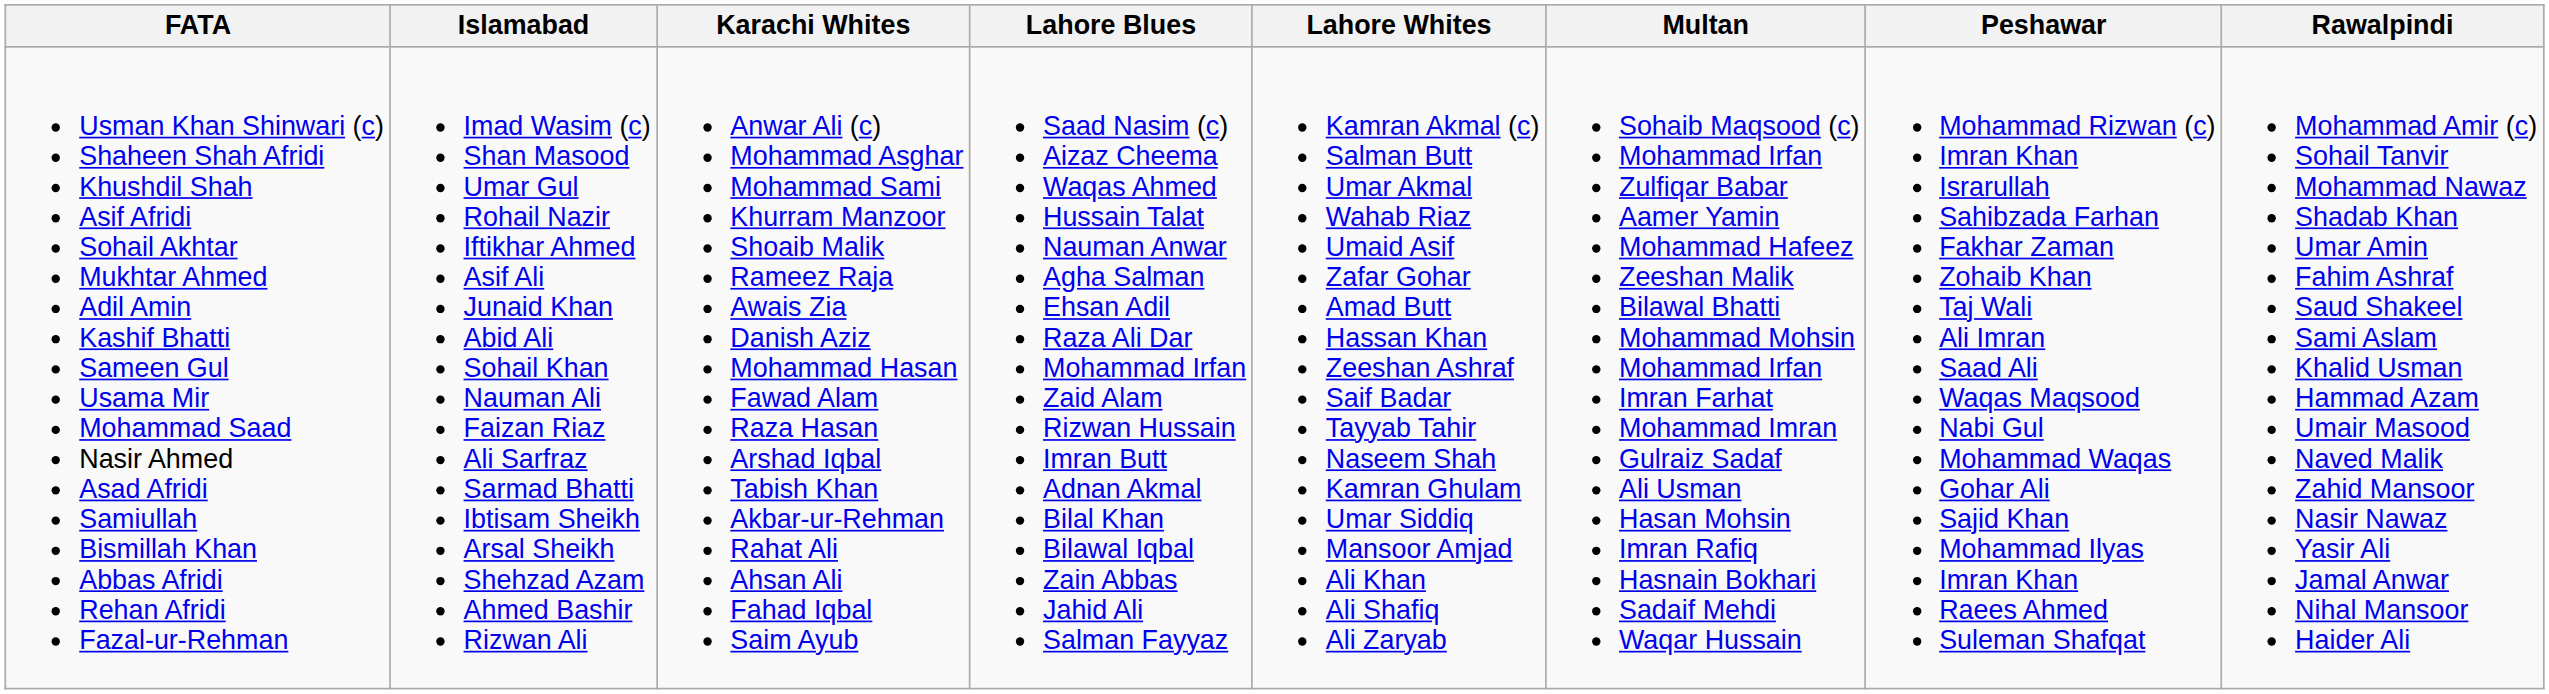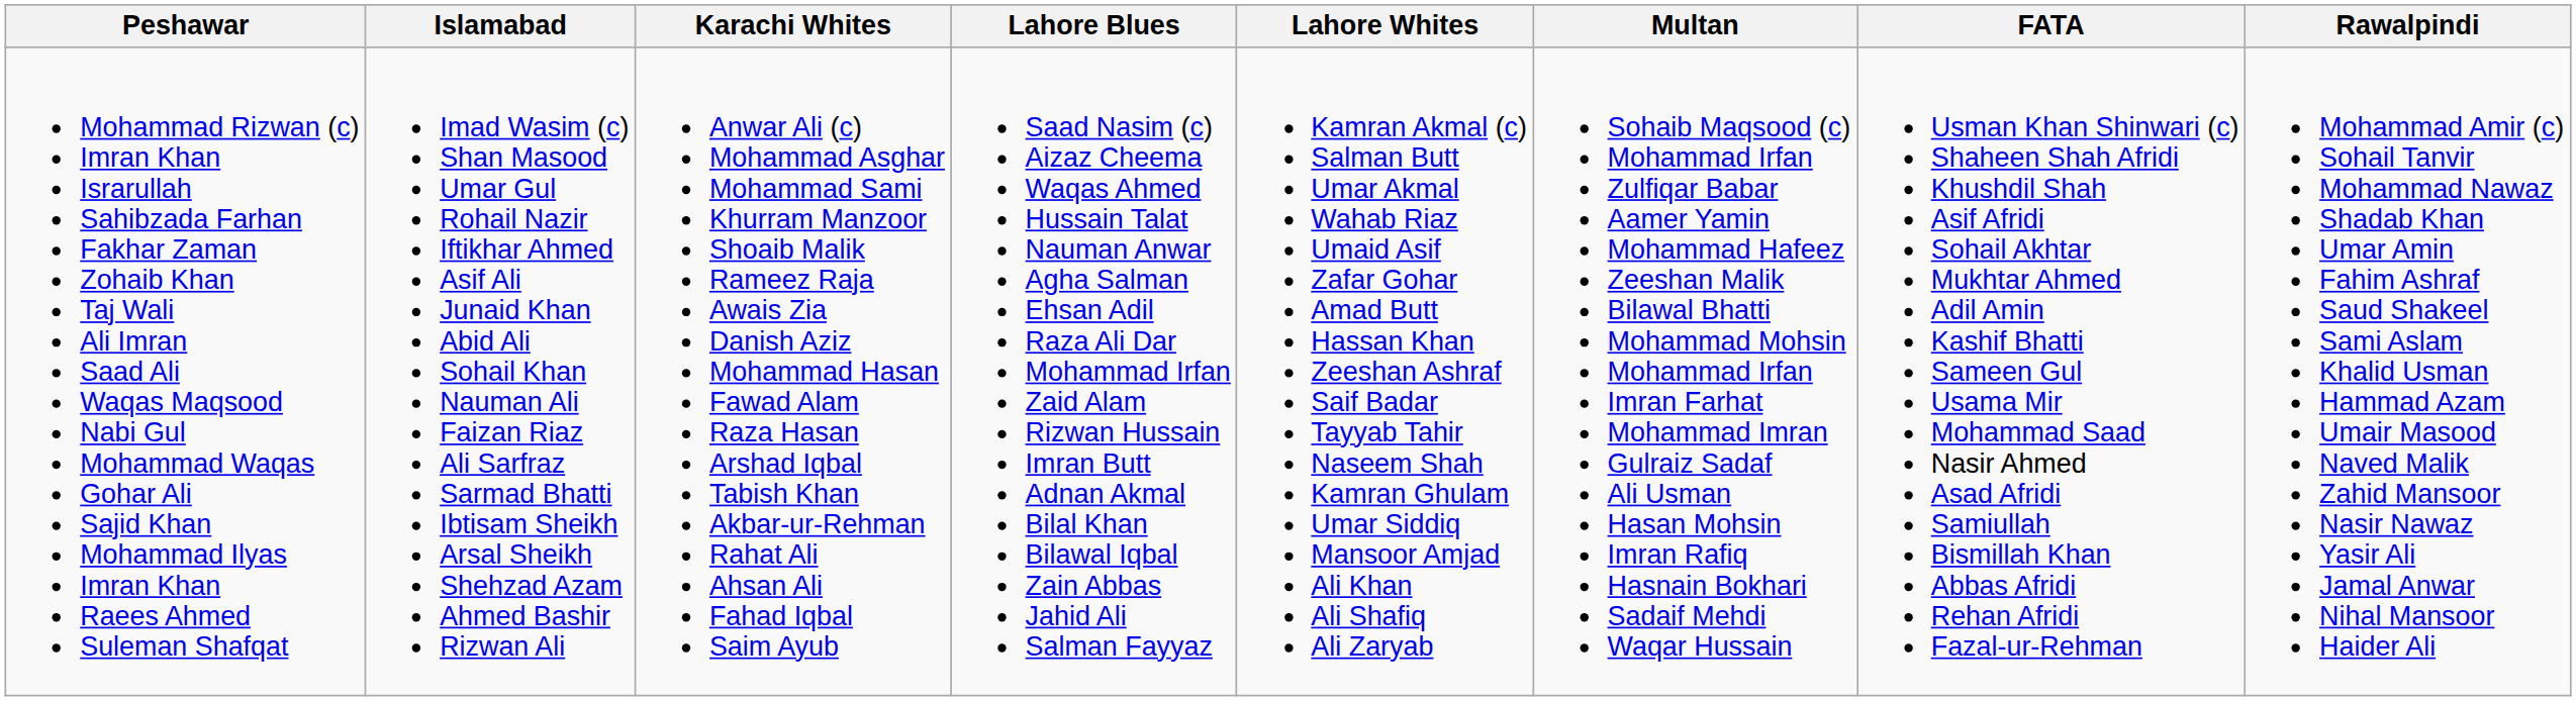 <table class="wikitable" style="text-align:left; margin:auto">
 <tr>
-<th style="width=20%;">FATA</th>
+<th style="width=20%;">Peshawar</th>
 <th style="width=20%;">Islamabad</th>
 <th style="width=20%;">Karachi Whites</th>
 <th style="width=20%;">Lahore Blues</th>
 <th style="width=20%;">Lahore Whites</th>
 <th style="width=20%;">Multan</th>
-<th style="width=20%;">Peshawar</th>
+<th style="width=20%;">FATA</th>
 <th style="width=20%;">Rawalpindi</th>
 </tr>
 <tr style="vertical-align:top">
-<td><br><ul><li><a href='#'>Usman Khan Shinwari</a> (<a href='#'>c</a>)</li><li><a href='#'>Shaheen Shah Afridi</a></li><li><a href='#'>Khushdil Shah</a></li><li><a href='#'>Asif Afridi</a></li><li><a href='#'>Sohail Akhtar</a></li><li><a href='#'>Mukhtar Ahmed</a></li><li><a href='#'>Adil Amin</a></li><li><a href='#'>Kashif Bhatti</a></li><li><a href='#'>Sameen Gul</a></li><li><a href='#'>Usama Mir</a></li><li><a href='#'>Mohammad Saad</a></li><li>Nasir Ahmed</li><li><a href='#'>Asad Afridi</a></li><li><a href='#'>Samiullah</a></li><li><a href='#'>Bismillah Khan</a></li><li><a href='#'>Abbas Afridi</a></li><li><a href='#'>Rehan Afridi</a></li><li><a href='#'>Fazal-ur-Rehman</a></li></ul></td>
+<td><br><ul><li><a href='#'>Mohammad Rizwan</a> (<a href='#'>c</a>)</li><li><a href='#'>Imran Khan</a></li><li><a href='#'>Israrullah</a></li><li><a href='#'>Sahibzada Farhan</a></li><li><a href='#'>Fakhar Zaman</a></li><li><a href='#'>Zohaib Khan</a></li><li><a href='#'>Taj Wali</a></li><li><a href='#'>Ali Imran</a></li><li><a href='#'>Saad Ali</a></li><li><a href='#'>Waqas Maqsood</a></li><li><a href='#'>Nabi Gul</a></li><li><a href='#'>Mohammad Waqas</a></li><li><a href='#'>Gohar Ali</a></li><li><a href='#'>Sajid Khan</a></li><li><a href='#'>Mohammad Ilyas</a></li><li><a href='#'>Imran Khan</a></li><li><a href='#'>Raees Ahmed</a></li><li><a href='#'>Suleman Shafqat</a></li></ul></td>
 <td><br><ul><li><a href='#'>Imad Wasim</a> (<a href='#'>c</a>)</li><li><a href='#'>Shan Masood</a></li><li><a href='#'>Umar Gul</a></li><li><a href='#'>Rohail Nazir</a></li><li><a href='#'>Iftikhar Ahmed</a></li><li><a href='#'>Asif Ali</a></li><li><a href='#'>Junaid Khan</a></li><li><a href='#'>Abid Ali</a></li><li><a href='#'>Sohail Khan</a></li><li><a href='#'>Nauman Ali</a></li><li><a href='#'>Faizan Riaz</a></li><li><a href='#'>Ali Sarfraz</a></li><li><a href='#'>Sarmad Bhatti</a></li><li><a href='#'>Ibtisam Sheikh</a></li><li><a href='#'>Arsal Sheikh</a></li><li><a href='#'>Shehzad Azam</a></li><li><a href='#'>Ahmed Bashir</a></li><li><a href='#'>Rizwan Ali</a></li></ul></td>
 <td><br><ul><li><a href='#'>Anwar Ali</a> (<a href='#'>c</a>)</li><li><a href='#'>Mohammad Asghar</a></li><li><a href='#'>Mohammad Sami</a></li><li><a href='#'>Khurram Manzoor</a></li><li><a href='#'>Shoaib Malik</a></li><li><a href='#'>Rameez Raja</a></li><li><a href='#'>Awais Zia</a></li><li><a href='#'>Danish Aziz</a></li><li><a href='#'>Mohammad Hasan</a></li><li><a href='#'>Fawad Alam</a></li><li><a href='#'>Raza Hasan</a></li><li><a href='#'>Arshad Iqbal</a></li><li><a href='#'>Tabish Khan</a></li><li><a href='#'>Akbar-ur-Rehman</a></li><li><a href='#'>Rahat Ali</a></li><li><a href='#'>Ahsan Ali</a></li><li><a href='#'>Fahad Iqbal</a></li><li><a href='#'>Saim Ayub</a></li></ul></td>
 <td><br><ul><li><a href='#'>Saad Nasim</a> (<a href='#'>c</a>)</li><li><a href='#'>Aizaz Cheema</a></li><li><a href='#'>Waqas Ahmed</a></li><li><a href='#'>Hussain Talat</a></li><li><a href='#'>Nauman Anwar</a></li><li><a href='#'>Agha Salman</a></li><li><a href='#'>Ehsan Adil</a></li><li><a href='#'>Raza Ali Dar</a></li><li><a href='#'>Mohammad Irfan</a></li><li><a href='#'>Zaid Alam</a></li><li><a href='#'>Rizwan Hussain</a></li><li><a href='#'>Imran Butt</a></li><li><a href='#'>Adnan Akmal</a></li><li><a href='#'>Bilal Khan</a></li><li><a href='#'>Bilawal Iqbal</a></li><li><a href='#'>Zain Abbas</a></li><li><a href='#'>Jahid Ali</a></li><li><a href='#'>Salman Fayyaz</a></li></ul></td>
 <td><br><ul><li><a href='#'>Kamran Akmal</a> (<a href='#'>c</a>)</li><li><a href='#'>Salman Butt</a></li><li><a href='#'>Umar Akmal</a></li><li><a href='#'>Wahab Riaz</a></li><li><a href='#'>Umaid Asif</a></li><li><a href='#'>Zafar Gohar</a></li><li><a href='#'>Amad Butt</a></li><li><a href='#'>Hassan Khan</a></li><li><a href='#'>Zeeshan Ashraf</a></li><li><a href='#'>Saif Badar</a></li><li><a href='#'>Tayyab Tahir</a></li><li><a href='#'>Naseem Shah</a></li><li><a href='#'>Kamran Ghulam</a></li><li><a href='#'>Umar Siddiq</a></li><li><a href='#'>Mansoor Amjad</a></li><li><a href='#'>Ali Khan</a></li><li><a href='#'>Ali Shafiq</a></li><li><a href='#'>Ali Zaryab</a></li></ul></td>
 <td><br><ul><li><a href='#'>Sohaib Maqsood</a> (<a href='#'>c</a>)</li><li><a href='#'>Mohammad Irfan</a></li><li><a href='#'>Zulfiqar Babar</a></li><li><a href='#'>Aamer Yamin</a></li><li><a href='#'>Mohammad Hafeez</a></li><li><a href='#'>Zeeshan Malik</a></li><li><a href='#'>Bilawal Bhatti</a></li><li><a href='#'>Mohammad Mohsin</a></li><li><a href='#'>Mohammad Irfan</a></li><li><a href='#'>Imran Farhat</a></li><li><a href='#'>Mohammad Imran</a></li><li><a href='#'>Gulraiz Sadaf</a></li><li><a href='#'>Ali Usman</a></li><li><a href='#'>Hasan Mohsin</a></li><li><a href='#'>Imran Rafiq</a></li><li><a href='#'>Hasnain Bokhari</a></li><li><a href='#'>Sadaif Mehdi</a></li><li><a href='#'>Waqar Hussain</a></li></ul></td>
-<td><br><ul><li><a href='#'>Mohammad Rizwan</a> (<a href='#'>c</a>)</li><li><a href='#'>Imran Khan</a></li><li><a href='#'>Israrullah</a></li><li><a href='#'>Sahibzada Farhan</a></li><li><a href='#'>Fakhar Zaman</a></li><li><a href='#'>Zohaib Khan</a></li><li><a href='#'>Taj Wali</a></li><li><a href='#'>Ali Imran</a></li><li><a href='#'>Saad Ali</a></li><li><a href='#'>Waqas Maqsood</a></li><li><a href='#'>Nabi Gul</a></li><li><a href='#'>Mohammad Waqas</a></li><li><a href='#'>Gohar Ali</a></li><li><a href='#'>Sajid Khan</a></li><li><a href='#'>Mohammad Ilyas</a></li><li><a href='#'>Imran Khan</a></li><li><a href='#'>Raees Ahmed</a></li><li><a href='#'>Suleman Shafqat</a></li></ul></td>
+<td><br><ul><li><a href='#'>Usman Khan Shinwari</a> (<a href='#'>c</a>)</li><li><a href='#'>Shaheen Shah Afridi</a></li><li><a href='#'>Khushdil Shah</a></li><li><a href='#'>Asif Afridi</a></li><li><a href='#'>Sohail Akhtar</a></li><li><a href='#'>Mukhtar Ahmed</a></li><li><a href='#'>Adil Amin</a></li><li><a href='#'>Kashif Bhatti</a></li><li><a href='#'>Sameen Gul</a></li><li><a href='#'>Usama Mir</a></li><li><a href='#'>Mohammad Saad</a></li><li>Nasir Ahmed</li><li><a href='#'>Asad Afridi</a></li><li><a href='#'>Samiullah</a></li><li><a href='#'>Bismillah Khan</a></li><li><a href='#'>Abbas Afridi</a></li><li><a href='#'>Rehan Afridi</a></li><li><a href='#'>Fazal-ur-Rehman</a></li></ul></td>
 <td><br><ul><li><a href='#'>Mohammad Amir</a> (<a href='#'>c</a>)</li><li><a href='#'>Sohail Tanvir</a></li><li><a href='#'>Mohammad Nawaz</a></li><li><a href='#'>Shadab Khan</a></li><li><a href='#'>Umar Amin</a></li><li><a href='#'>Fahim Ashraf</a></li><li><a href='#'>Saud Shakeel</a></li><li><a href='#'>Sami Aslam</a></li><li><a href='#'>Khalid Usman</a></li><li><a href='#'>Hammad Azam</a></li><li><a href='#'>Umair Masood</a></li><li><a href='#'>Naved Malik</a></li><li><a href='#'>Zahid Mansoor</a></li><li><a href='#'>Nasir Nawaz</a></li><li><a href='#'>Yasir Ali</a></li><li><a href='#'>Jamal Anwar</a></li><li><a href='#'>Nihal Mansoor</a></li><li><a href='#'>Haider Ali</a></li></ul></td>
 </tr>
 </table>
